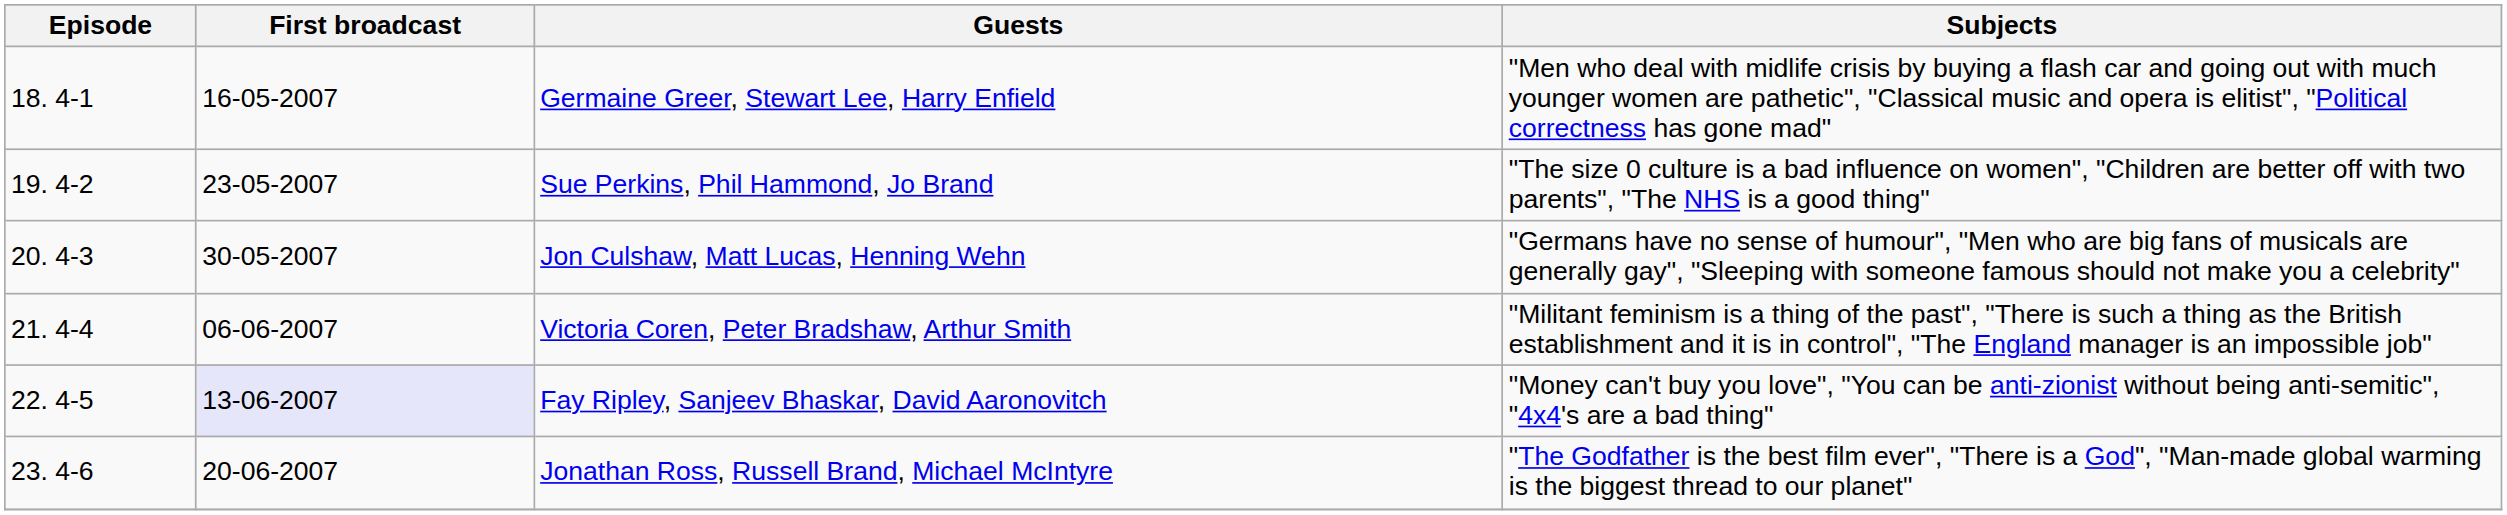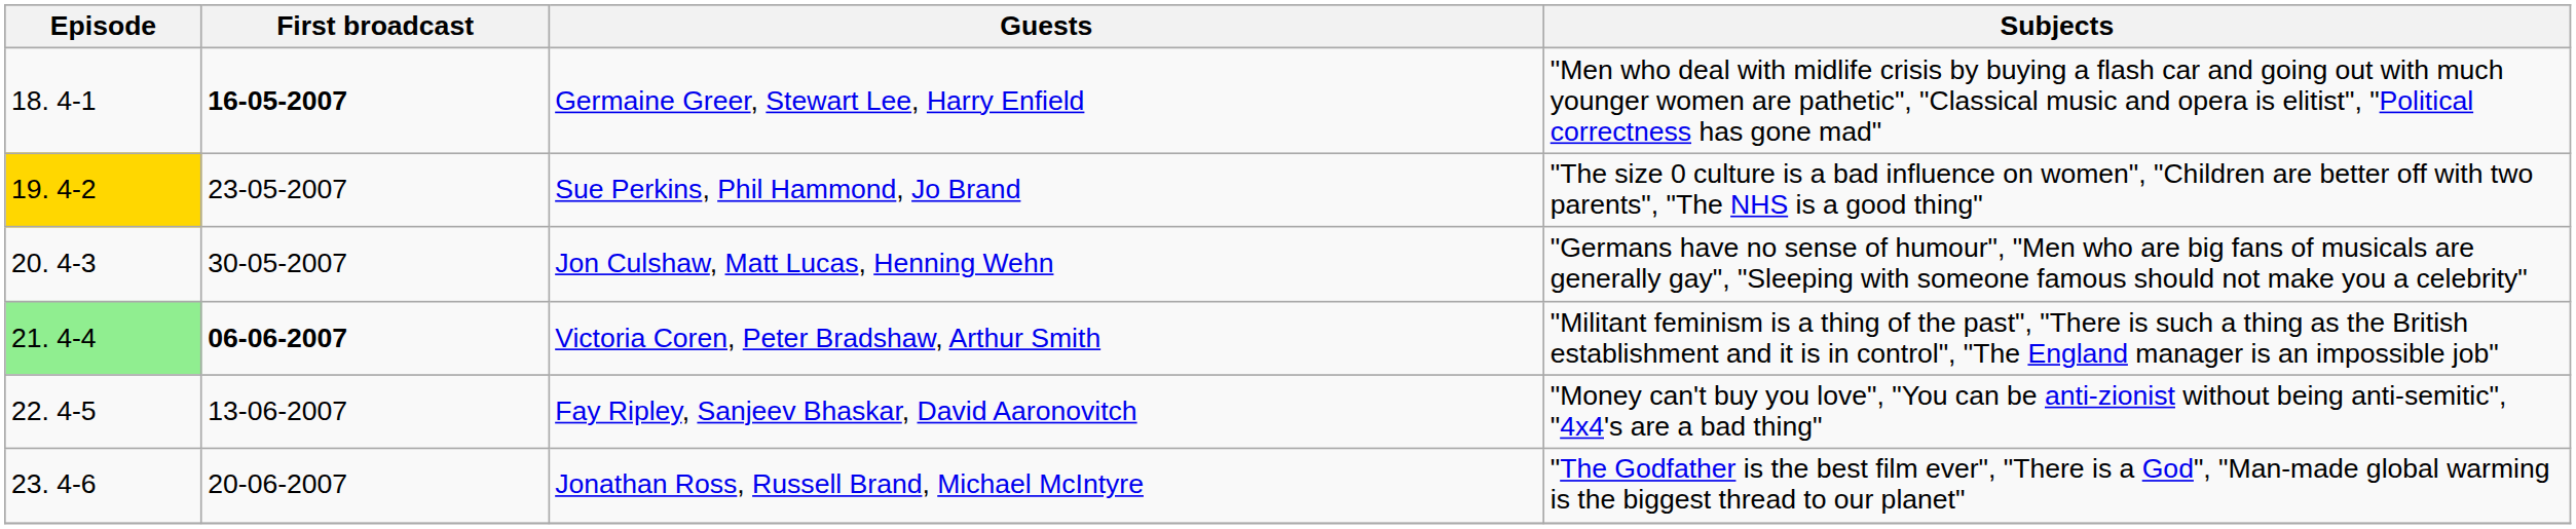 <table class="wikitable" style="width:95%;">
 <tr bgcolor="#cccccc">
 <th>Episode</th>
 <th>First broadcast</th>
 <th>Guests</th>
 <th style="width:40%;">Subjects</th>
 </tr>
 <tr>
 <td>18. 4-1</td>
-<td>16-05-2007</td>
+<td><strong>16-05-2007</strong></td>
 <td><a href='#'>Germaine Greer</a>, <a href='#'>Stewart Lee</a>, <a href='#'>Harry Enfield</a></td>
 <td>"Men who deal with midlife crisis by buying a flash car and going out with much younger women are pathetic", "Classical music and opera is elitist", "<a href='#'>Political correctness</a> has gone mad"</td>
 </tr>
 <tr>
-<td>19. 4-2</td>
+<td style="background: gold;">19. 4-2</td>
 <td>23-05-2007</td>
 <td><a href='#'>Sue Perkins</a>, <a href='#'>Phil Hammond</a>, <a href='#'>Jo Brand</a></td>
 <td>"The size 0 culture is a bad influence on women", "Children are better off with two parents", "The <a href='#'>NHS</a> is a good thing"</td>
 </tr>
 <tr>
 <td>20. 4-3</td>
 <td>30-05-2007</td>
 <td><a href='#'>Jon Culshaw</a>, <a href='#'>Matt Lucas</a>, <a href='#'>Henning Wehn</a></td>
 <td>"Germans have no sense of humour", "Men who are big fans of musicals are generally gay", "Sleeping with someone famous should not make you a celebrity"</td>
 </tr>
 <tr>
-<td>21. 4-4</td>
-<td>06-06-2007</td>
+<td style="background: lightgreen;">21. 4-4</td>
+<td><strong>06-06-2007</strong></td>
 <td><a href='#'>Victoria Coren</a>, <a href='#'>Peter Bradshaw</a>, <a href='#'>Arthur Smith</a></td>
 <td>"Militant feminism is a thing of the past", "There is such a thing as the British establishment and it is in control", "The <a href='#'>England</a> manager is an impossible job"</td>
 </tr>
 <tr>
 <td>22. 4-5</td>
-<td style="background: lavender;">13-06-2007</td>
+<td>13-06-2007</td>
 <td><a href='#'>Fay Ripley</a>, <a href='#'>Sanjeev Bhaskar</a>, <a href='#'>David Aaronovitch</a></td>
 <td>"Money can't buy you love", "You can be <a href='#'>anti-zionist</a> without being anti-semitic", "<a href='#'>4x4</a>'s are a bad thing"</td>
 </tr>
 <tr>
 <td>23. 4-6</td>
 <td>20-06-2007</td>
 <td><a href='#'>Jonathan Ross</a>, <a href='#'>Russell Brand</a>, <a href='#'>Michael McIntyre</a></td>
 <td>"<a href='#'>The Godfather</a> is the best film ever", "There is a <a href='#'>God</a>", "Man-made global warming is the biggest thread to our planet"</td>
 </tr>
 <tr>
 </tr>
 </table>
